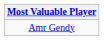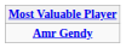 <table class=wikitable style="text-align:center; margin:auto">
 <tr>
 <th><a href='#'>Most Valuable Player</a></th>
 </tr>
 <tr>
-<td> <a href='#'>Amr Gendy</a></td>
+<td><strong> <a href='#'>Amr Gendy</a></strong></td>
 </tr>
 </table>
